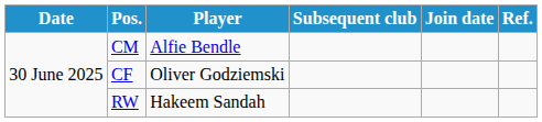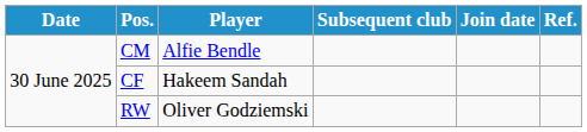 <table class="wikitable plainrowheaders sortable">
 <tr>
 <th style="background:#2191CC; color:#FFFFFF; ">Date</th>
 <th style="background:#2191CC; color:#FFFFFF; ">Pos.</th>
 <th style="background:#2191CC; color:#FFFFFF; ">Player</th>
 <th style="background:#2191CC; color:#FFFFFF; ">Subsequent club</th>
 <th style="background:#2191CC; color:#FFFFFF; ">Join date</th>
 <th style="background:#2191CC; color:#FFFFFF; ">Ref.</th>
 </tr>
 <tr>
 <td rowspan="3">30 June 2025</td>
 <td><a href='#'>CM</a></td>
 <td> <a href='#'>Alfie Bendle</a></td>
 <td></td>
 <td></td>
 <td></td>
 </tr>
 <tr>
 <td><a href='#'>CF</a></td>
-<td> Oliver Godziemski</td>
+<td> Hakeem Sandah</td>
 <td></td>
 <td></td>
 <td></td>
 </tr>
 <tr>
 <td><a href='#'>RW</a></td>
-<td> Hakeem Sandah</td>
+<td> Oliver Godziemski</td>
 <td></td>
 <td></td>
 <td></td>
 </tr>
 </table>
